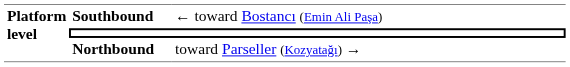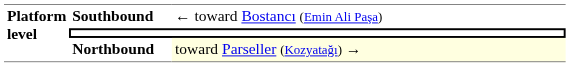 <table cellpadding="3" cellspacing="0" border="0">
 <tr>
 <td rowspan="3" width="50" style="border-top-color: gray; border-bottom-color: gray; border-top-width: 1px; border-bottom-width: 1px; border-top-style: solid; border-bottom-style: solid;" valign="top"><strong>Platform level</strong></td>
 <td width="100" style="border-top-color: gray; border-top-width: 1px; border-top-style: solid;"><strong>Southbound</strong></td>
 <td width="400" style="border-top-color: gray; border-top-width: 1px; border-top-style: solid;">←  toward <a href='#'>Bostancı</a> <small>(<a href='#'>Emin Ali Paşa</a>)</small></td>
 </tr>
 <tr>
 <td colspan="2" style="border: 2px solid black; border-image: none; text-align: center;"></td>
 </tr>
 <tr>
 <td style="border-bottom-color: gray; border-bottom-width: 1px; border-bottom-style: solid;"><strong>Northbound</strong></td>
-<td style="border-bottom-color: gray; border-bottom-width: 1px; border-bottom-style: solid;"> toward <a href='#'>Parseller</a> <small>(<a href='#'>Kozyatağı</a>)</small> →</td>
+<td style="background: lightyellow; border-bottom-color: gray; border-bottom-width: 1px; border-bottom-style: solid;"> toward <a href='#'>Parseller</a> <small>(<a href='#'>Kozyatağı</a>)</small> →</td>
 </tr>
 </table>
